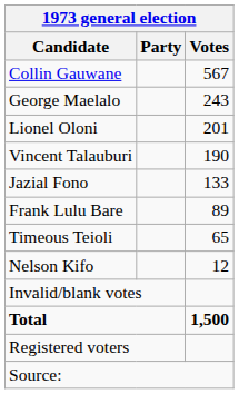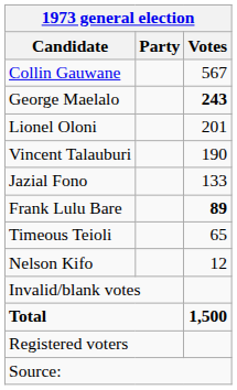 <table class=wikitable style=text-align:left>
 <tr>
 <th colspan=3><a href='#'>1973 general election</a></th>
 </tr>
 <tr>
 <th>Candidate</th>
 <th>Party</th>
 <th>Votes</th>
 </tr>
 <tr>
 <td><a href='#'>Collin Gauwane</a></td>
 <td></td>
 <td align=right>567</td>
 </tr>
 <tr>
 <td>George Maelalo</td>
 <td></td>
-<td align=right>243</td>
+<td align=right><strong>243</strong></td>
 </tr>
 <tr>
 <td>Lionel Oloni</td>
 <td></td>
 <td align=right>201</td>
 </tr>
 <tr>
 <td>Vincent Talauburi</td>
 <td></td>
 <td align=right>190</td>
 </tr>
 <tr>
 <td>Jazial Fono</td>
 <td></td>
 <td align=right>133</td>
 </tr>
 <tr>
 <td>Frank Lulu Bare</td>
 <td></td>
-<td align=right>89</td>
+<td align=right><strong>89</strong></td>
 </tr>
 <tr>
 <td>Timeous Teioli</td>
 <td></td>
 <td align=right>65</td>
 </tr>
 <tr>
 <td>Nelson Kifo</td>
 <td></td>
 <td align=right>12</td>
 </tr>
 <tr>
 <td colspan=2>Invalid/blank votes</td>
 <td></td>
 </tr>
 <tr>
 <td colspan=2><strong>Total</strong></td>
 <td align=right><strong>1,500</strong></td>
 </tr>
 <tr>
 <td colspan=2>Registered voters</td>
 <td align=right></td>
 </tr>
 <tr>
 <td colspan=3>Source: </td>
 </tr>
 </table>
